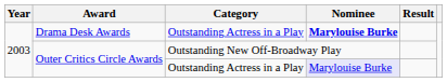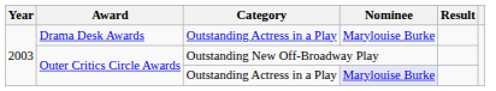 <table class="wikitable">
 <tr>
 <th>Year</th>
 <th>Award</th>
 <th>Category</th>
 <th>Nominee</th>
 <th>Result</th>
 <th></th>
 </tr>
 <tr>
 <td rowspan=3>2003</td>
 <td><a href='#'>Drama Desk Awards</a></td>
 <td><a href='#'>Outstanding Actress in a Play</a></td>
-<td><strong><a href='#'>Marylouise Burke</a></strong></td>
+<td><a href='#'>Marylouise Burke</a></td>
 <td></td>
 <td rowspan=3></td>
 </tr>
 <tr>
 <td rowspan=2><a href='#'>Outer Critics Circle Awards</a></td>
 <td colspan=2>Outstanding New Off-Broadway Play</td>
 <td></td>
 </tr>
 <tr>
 <td>Outstanding Actress in a Play</td>
 <td style="background: lavender;"><a href='#'>Marylouise Burke</a></td>
 <td></td>
 </tr>
 </table>
